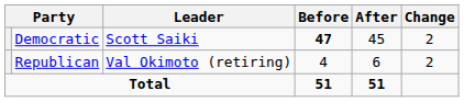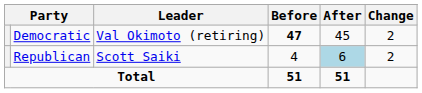 <table class="wikitable" style="text-align:center;">
 <tr>
 </tr>
 <tr>
 <th colspan=2>Party</th>
 <th>Leader</th>
 <th style="width:3em">Before</th>
 <th style="width:3em">After</th>
 <th style="width:3em">Change</th>
 </tr>
 <tr>
 <th style="background-color:"></th>
 <td style="text-align:left;"><a href='#'>Democratic</a></td>
-<td style="text-align:left;"><a href='#'>Scott Saiki</a></td>
+<td style="text-align:left;"><a href='#'>Val Okimoto</a> (retiring)</td>
 <td><strong>47</strong></td>
 <td>45</td>
 <td> 2</td>
 </tr>
 <tr>
 <th style="background-color:"></th>
 <td style="text-align:left;"><a href='#'>Republican</a></td>
-<td style="text-align:left;"><a href='#'>Val Okimoto</a> (retiring)</td>
+<td style="text-align:left;"><a href='#'>Scott Saiki</a></td>
 <td>4</td>
-<td>6</td>
+<td style="background: lightblue;">6</td>
 <td> 2</td>
 </tr>
 <tr>
 <td colspan=3><strong>Total</strong></td>
 <td><strong>51</strong></td>
 <td><strong>51</strong></td>
 <td></td>
 </tr>
 </table>
